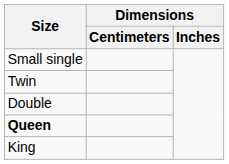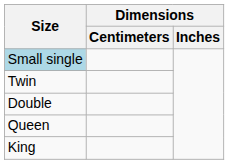 <table class="wikitable">
 <tr>
 <th rowspan="2" scope="col">Size</th>
 <th colspan="2" scope="col">Dimensions</th>
 </tr>
 <tr>
 <th>Centimeters</th>
 <th>Inches</th>
 </tr>
 <tr>
-<td>Small single</td>
+<td style="background: lightblue;">Small single</td>
 <td></td>
 </tr>
 <tr>
 <td>Twin</td>
 <td></td>
 </tr>
 <tr>
 <td>Double</td>
 <td></td>
 </tr>
 <tr>
-<td><strong>Queen</strong></td>
+<td>Queen</td>
 <td></td>
 </tr>
 <tr>
 <td>King</td>
 <td></td>
 </tr>
 </table>
